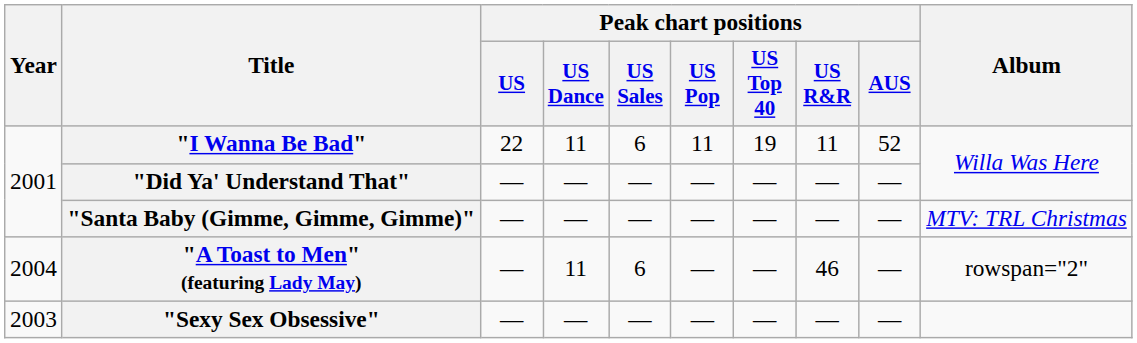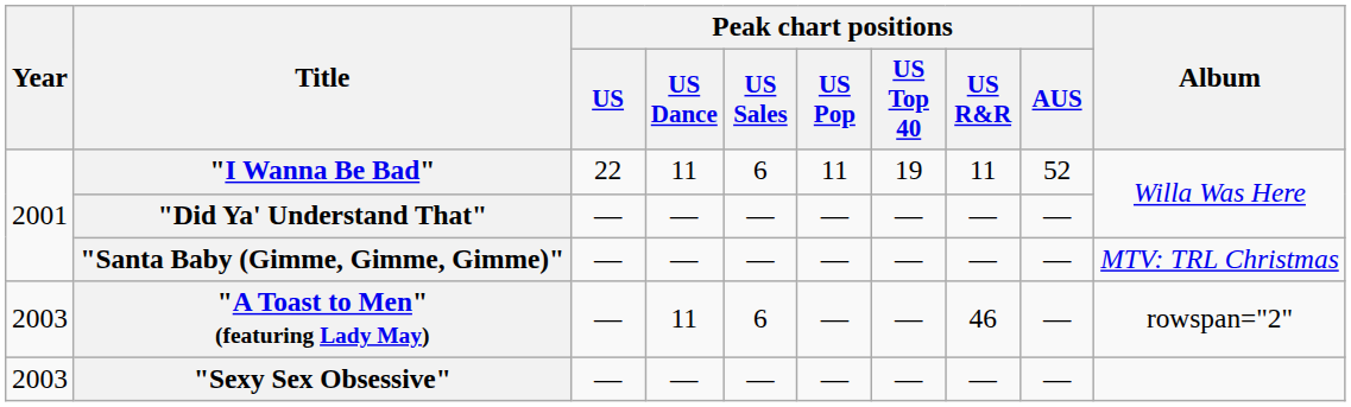 <table class="wikitable plainrowheaders" style="text-align:center;">
 <tr>
 <th rowspan="2">Year</th>
 <th rowspan="2">Title</th>
 <th colspan="7">Peak chart positions</th>
 <th rowspan="2">Album</th>
 </tr>
 <tr>
 <th scope="col" style="width:2.5em;font-size:90%;"><a href='#'>US</a><br></th>
 <th scope="col" style="width:2.5em;font-size:90%;"><a href='#'>US<br>Dance</a><br></th>
 <th scope="col" style="width:2.5em;font-size:90%;"><a href='#'>US<br>Sales</a><br></th>
 <th scope="col" style="width:2.5em;font-size:90%;"><a href='#'>US<br>Pop</a><br></th>
 <th scope="col" style="width:2.5em;font-size:90%;"><a href='#'>US<br>Top 40</a><br></th>
 <th scope="col" style="width:2.5em;font-size:90%;"><a href='#'>US<br>R&R</a><br></th>
 <th scope="col" style="width:2.5em;font-size:90%;"><a href='#'>AUS</a><br></th>
 </tr>
 <tr>
 <td rowspan="3">2001</td>
 <th scope="row">"<a href='#'>I Wanna Be Bad</a>"</th>
 <td>22</td>
 <td>11</td>
 <td>6</td>
 <td>11</td>
 <td>19</td>
 <td>11</td>
 <td>52</td>
 <td rowspan="2"><em><a href='#'>Willa Was Here</a></em></td>
 </tr>
 <tr>
 <th scope="row">"Did Ya' Understand That"</th>
 <td>—</td>
 <td>—</td>
 <td>—</td>
 <td>—</td>
 <td>—</td>
 <td>—</td>
 <td>—</td>
 </tr>
 <tr>
 <th scope="row">"Santa Baby (Gimme, Gimme, Gimme)"</th>
 <td>—</td>
 <td>—</td>
 <td>—</td>
 <td>—</td>
 <td>—</td>
 <td>—</td>
 <td>—</td>
 <td><em><a href='#'>MTV: TRL Christmas</a></em></td>
 </tr>
 <tr>
-<td>2004</td>
+<td>2003</td>
 <th scope="row">"<a href='#'>A Toast to Men</a>"<br><small>(featuring <a href='#'>Lady May</a>)</small></th>
 <td>—</td>
 <td>11</td>
 <td>6</td>
 <td>—</td>
 <td>—</td>
 <td>46</td>
 <td>—</td>
 <td>rowspan="2" </td>
 </tr>
 <tr>
 <td>2003</td>
 <th scope="row">"Sexy Sex Obsessive"</th>
 <td>—</td>
 <td>—</td>
 <td>—</td>
 <td>—</td>
 <td>—</td>
 <td>—</td>
 <td>—</td>
 </tr>
 </table>
